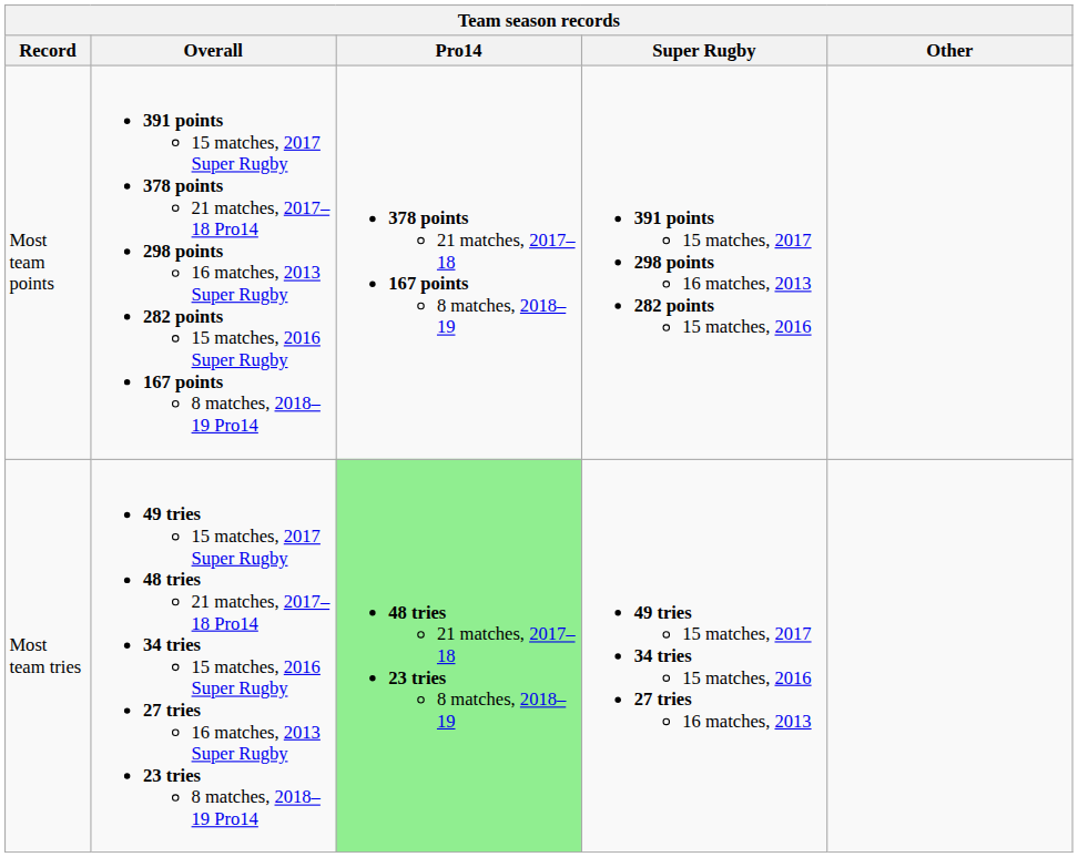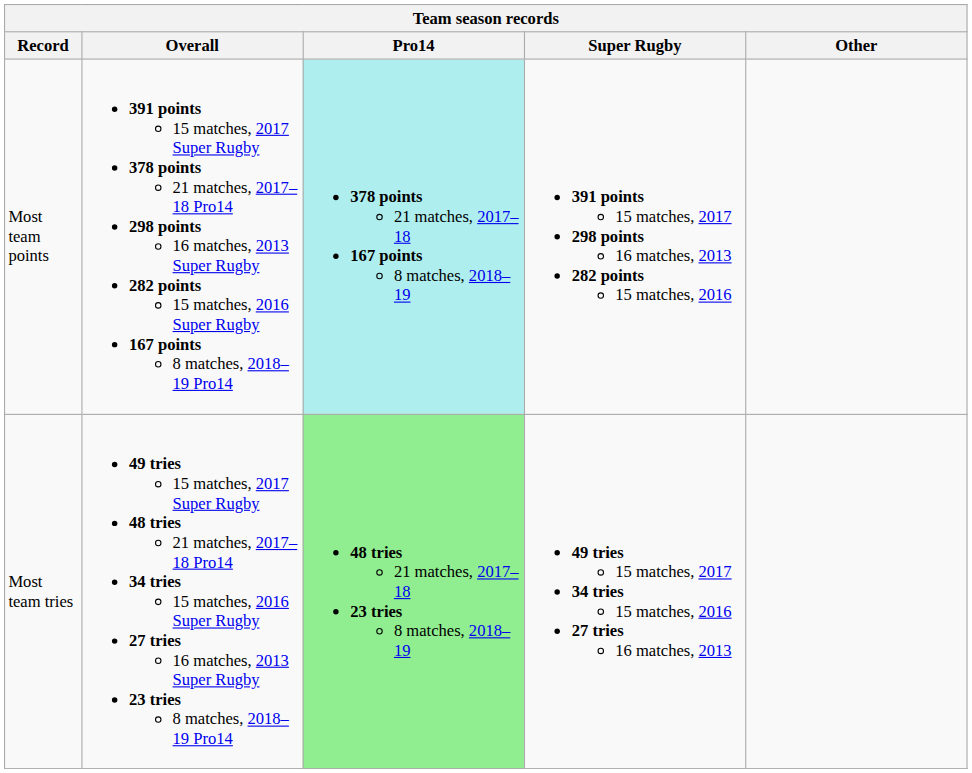 <table class="wikitable" style="text-align:left; font-size:95%; width:100%;">
 <tr>
 <th colspan="5">Team season records</th>
 </tr>
 <tr>
 <th style="width:8%;">Record</th>
 <th style="width:23%;">Overall</th>
 <th style="width:23%;">Pro14</th>
 <th style="width:23%;">Super Rugby</th>
 <th style="width:23%;">Other</th>
 </tr>
 <tr>
 <td>Most team points</td>
 <td><br><ul><li><strong>391 points</strong><ul><li>15 matches, <a href='#'>2017 Super Rugby</a></li></ul></li><li><strong>378 points</strong><ul><li>21 matches, <a href='#'>2017–18 Pro14</a></li></ul></li><li><strong>298 points</strong><ul><li>16 matches, <a href='#'>2013 Super Rugby</a></li></ul></li><li><strong>282 points</strong><ul><li>15 matches, <a href='#'>2016 Super Rugby</a></li></ul></li><li><strong>167 points</strong><ul><li>8 matches, <a href='#'>2018–19 Pro14</a></li></ul></li></ul></td>
-<td><br><ul><li><strong>378 points</strong><ul><li>21 matches, <a href='#'>2017–18</a></li></ul></li><li><strong>167 points</strong><ul><li>8 matches, <a href='#'>2018–19</a></li></ul></li></ul></td>
+<td style="background: paleturquoise;"><br><ul><li><strong>378 points</strong><ul><li>21 matches, <a href='#'>2017–18</a></li></ul></li><li><strong>167 points</strong><ul><li>8 matches, <a href='#'>2018–19</a></li></ul></li></ul></td>
 <td><br><ul><li><strong>391 points</strong><ul><li>15 matches, <a href='#'>2017</a></li></ul></li><li><strong>298 points</strong><ul><li>16 matches, <a href='#'>2013</a></li></ul></li><li><strong>282 points</strong><ul><li>15 matches, <a href='#'>2016</a></li></ul></li></ul></td>
 <td></td>
 </tr>
 <tr>
 <td>Most team tries</td>
 <td><br><ul><li><strong>49 tries</strong><ul><li>15 matches, <a href='#'>2017 Super Rugby</a></li></ul></li><li><strong>48 tries</strong><ul><li>21 matches, <a href='#'>2017–18 Pro14</a></li></ul></li><li><strong>34 tries</strong><ul><li>15 matches, <a href='#'>2016 Super Rugby</a></li></ul></li><li><strong>27 tries</strong><ul><li>16 matches, <a href='#'>2013 Super Rugby</a></li></ul></li><li><strong>23 tries</strong><ul><li>8 matches, <a href='#'>2018–19 Pro14</a></li></ul></li></ul></td>
 <td style="background: lightgreen;"><br><ul><li><strong>48 tries</strong><ul><li>21 matches, <a href='#'>2017–18</a></li></ul></li><li><strong>23 tries</strong><ul><li>8 matches, <a href='#'>2018–19</a></li></ul></li></ul></td>
 <td><br><ul><li><strong>49 tries</strong><ul><li>15 matches, <a href='#'>2017</a></li></ul></li><li><strong>34 tries</strong><ul><li>15 matches, <a href='#'>2016</a></li></ul></li><li><strong>27 tries</strong><ul><li>16 matches, <a href='#'>2013</a></li></ul></li></ul></td>
 <td></td>
 </tr>
 </table>
